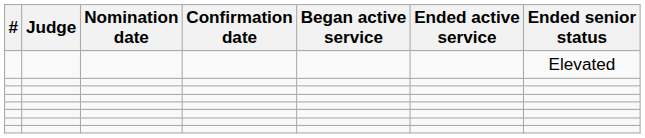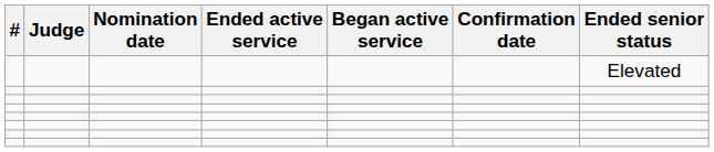 <table class="sortable wikitable">
 <tr bgcolor="#ececec">
 <th>#</th>
 <th>Judge</th>
 <th>Nomination<br>date</th>
+<th>Ended active<br>service</th>
+<th>Began active<br>service</th>
 <th>Confirmation<br>date</th>
-<th>Began active<br>service</th>
-<th>Ended active<br>service</th>
 <th>Ended senior<br>status</th>
 </tr>
 <tr>
 <td></td>
 <td></td>
 <td></td>
 <td></td>
 <td></td>
 <td></td>
 <td align="center">Elevated</td>
 </tr>
 <tr>
 <td></td>
 <td></td>
 <td></td>
 <td></td>
 <td></td>
 <td></td>
 <td></td>
 </tr>
 <tr>
 <td></td>
 <td></td>
 <td></td>
 <td></td>
 <td></td>
 <td></td>
 <td></td>
 </tr>
 <tr>
 <td></td>
 <td></td>
 <td></td>
 <td></td>
 <td></td>
 <td></td>
 <td align="center"></td>
 </tr>
 <tr>
 <td></td>
 <td></td>
 <td></td>
 <td></td>
 <td></td>
 <td></td>
 <td></td>
 </tr>
 <tr>
 <td></td>
 <td></td>
 <td></td>
 <td></td>
 <td></td>
 <td></td>
 <td></td>
 </tr>
 <tr>
 <td></td>
 <td></td>
 <td></td>
 <td></td>
 <td></td>
 <td></td>
 <td></td>
 </tr>
 <tr>
 <td></td>
 <td></td>
 <td></td>
 <td></td>
 <td></td>
 <td></td>
 <td align="center"></td>
 </tr>
 </table>
